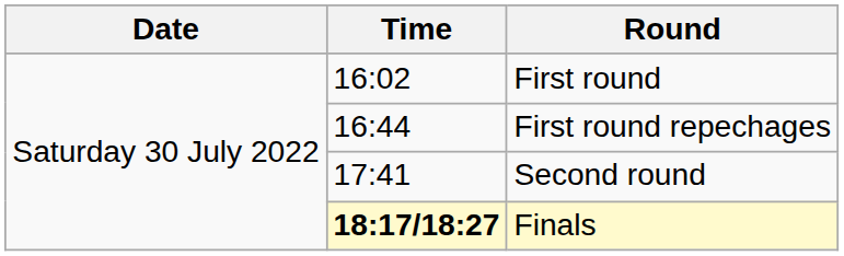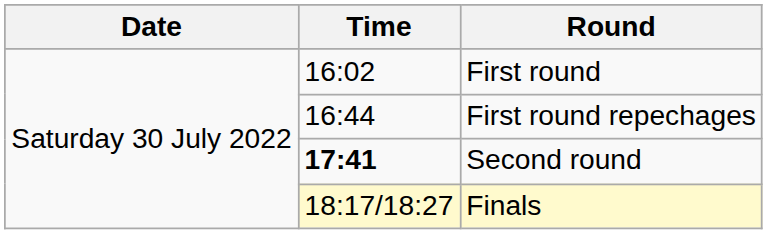 <table class="wikitable">
 <tr>
 <th>Date</th>
 <th>Time</th>
 <th>Round</th>
 </tr>
 <tr>
 <td rowspan=4>Saturday 30 July 2022</td>
 <td>16:02</td>
 <td>First round</td>
 </tr>
 <tr>
 <td>16:44</td>
 <td>First round repechages</td>
 </tr>
 <tr>
-<td>17:41</td>
+<td><strong>17:41</strong></td>
 <td>Second round</td>
 </tr>
 <tr>
-<td style=background:lemonchiffon><strong>18:17/18:27</strong></td>
+<td style=background:lemonchiffon>18:17/18:27</td>
 <td style=background:lemonchiffon>Finals</td>
 </tr>
 </table>
